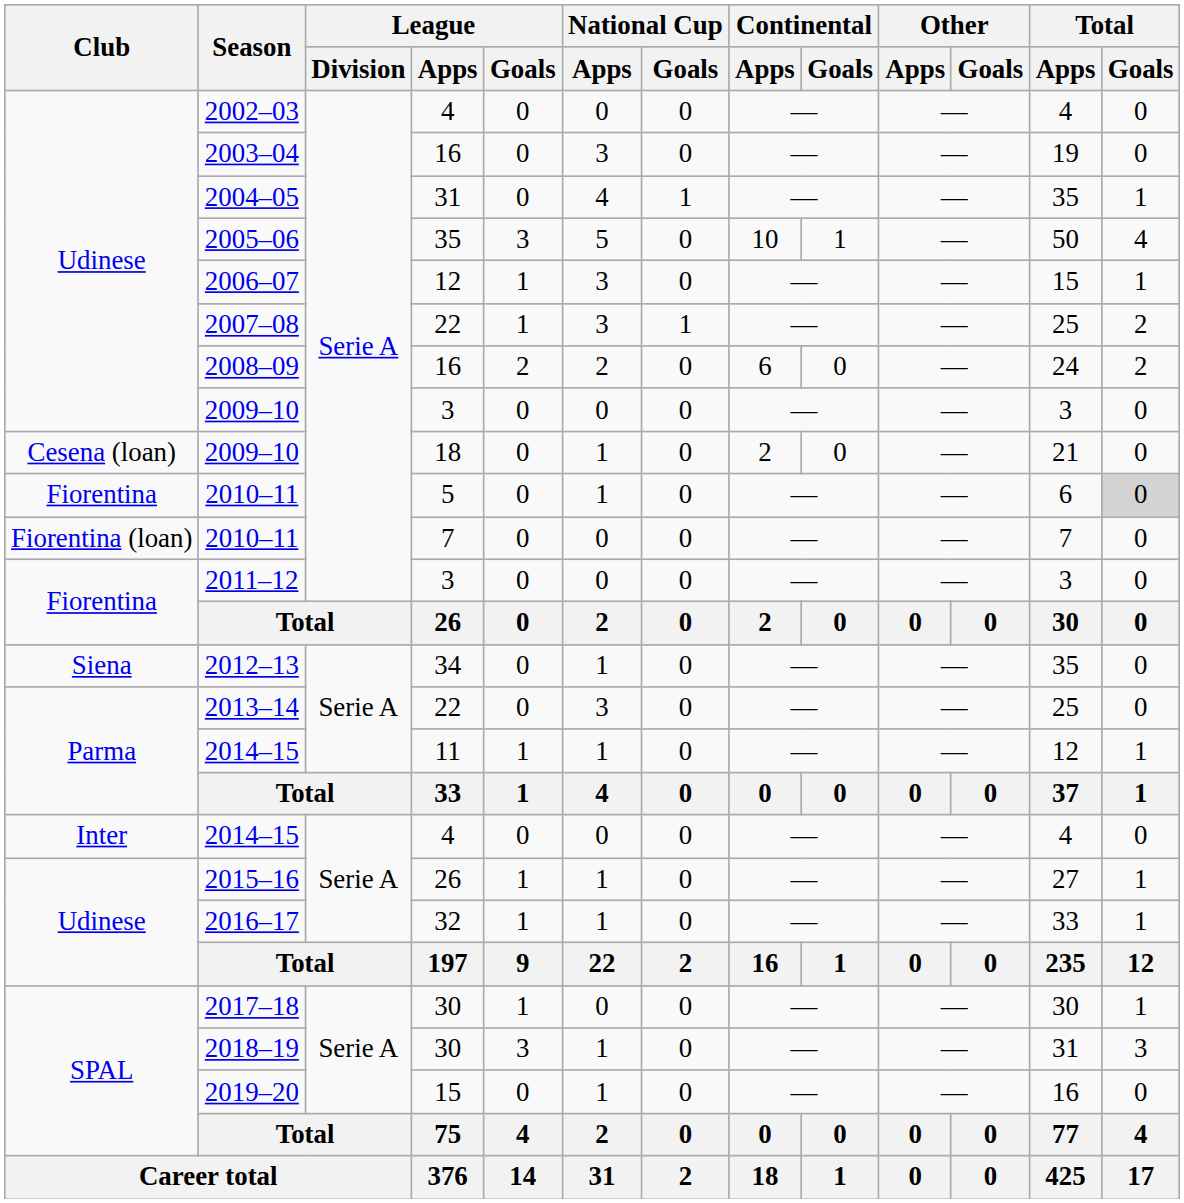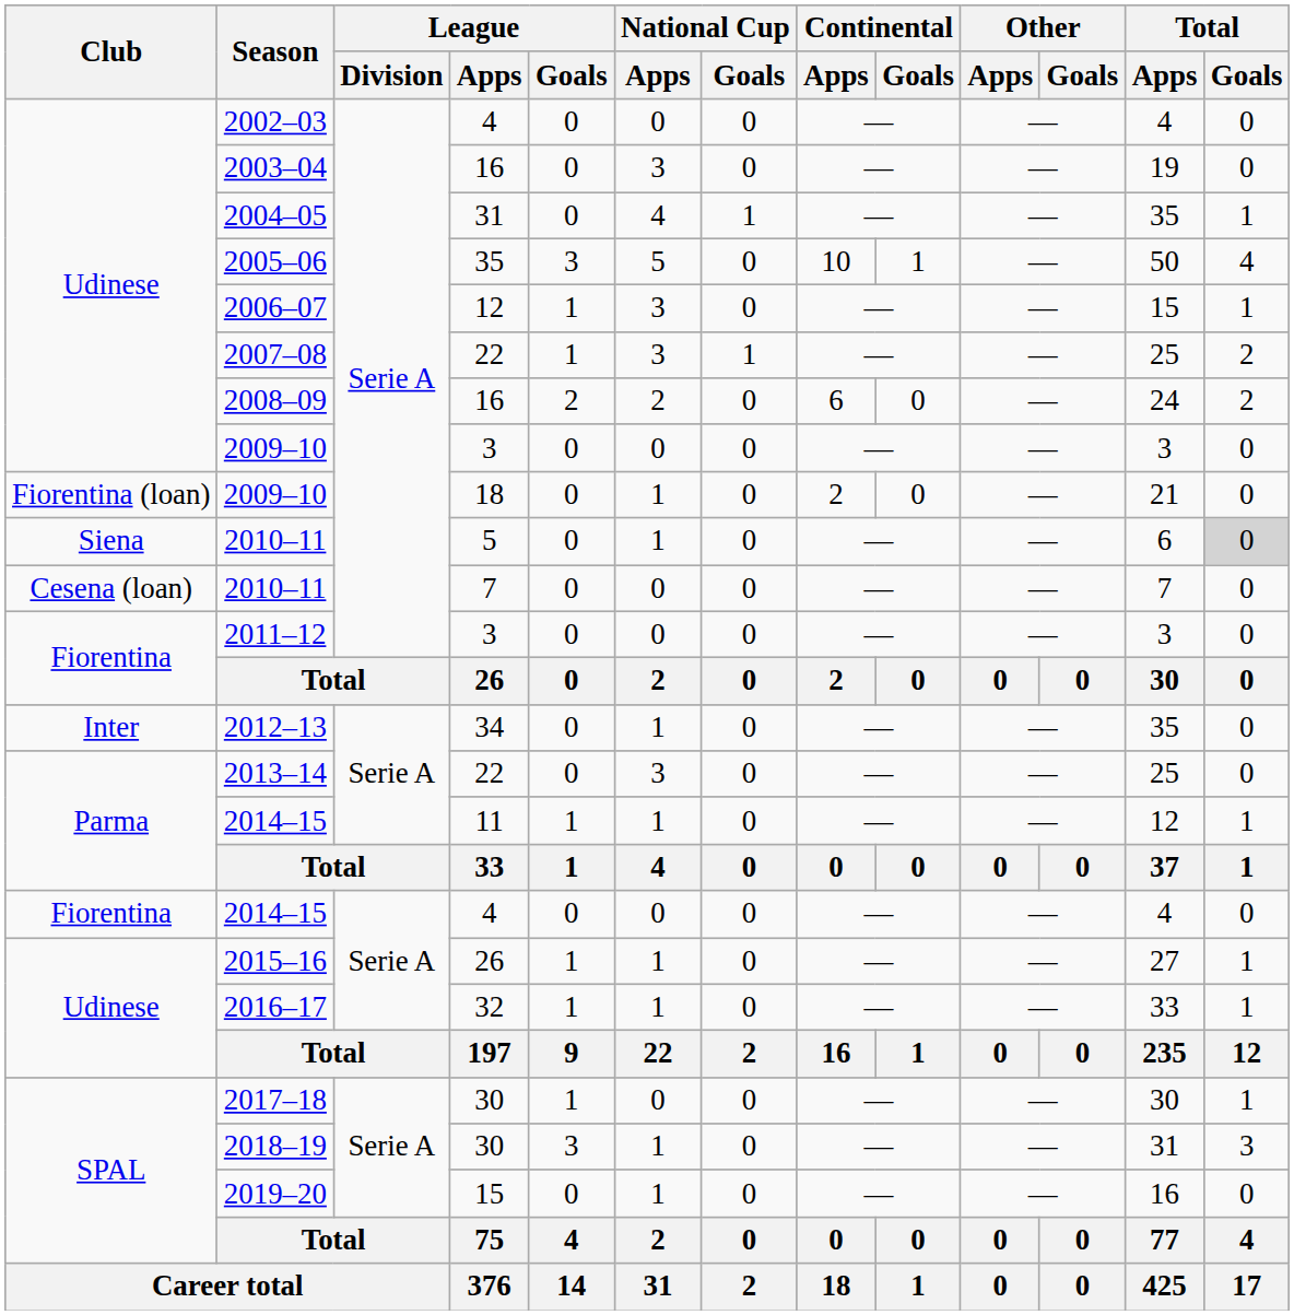 <table class="wikitable" style="text-align: center">
 <tr>
 <th rowspan="2">Club</th>
 <th rowspan="2">Season</th>
 <th colspan="3">League</th>
 <th colspan="2">National Cup</th>
 <th colspan="2">Continental</th>
 <th colspan="2">Other</th>
 <th colspan="2">Total</th>
 </tr>
 <tr>
 <th>Division</th>
 <th>Apps</th>
 <th>Goals</th>
 <th>Apps</th>
 <th>Goals</th>
 <th>Apps</th>
 <th>Goals</th>
 <th>Apps</th>
 <th>Goals</th>
 <th>Apps</th>
 <th>Goals</th>
 </tr>
 <tr>
 <td rowspan="8"><a href='#'>Udinese</a></td>
 <td><a href='#'>2002–03</a></td>
 <td rowspan="12"><a href='#'>Serie A</a></td>
 <td>4</td>
 <td>0</td>
 <td>0</td>
 <td>0</td>
 <td colspan="2“">—</td>
 <td colspan="2“">—</td>
 <td>4</td>
 <td>0</td>
 </tr>
 <tr>
 <td><a href='#'>2003–04</a></td>
 <td>16</td>
 <td>0</td>
 <td>3</td>
 <td>0</td>
 <td colspan="2“">—</td>
 <td colspan="2“">—</td>
 <td>19</td>
 <td>0</td>
 </tr>
 <tr>
 <td><a href='#'>2004–05</a></td>
 <td>31</td>
 <td>0</td>
 <td>4</td>
 <td>1</td>
 <td colspan="2“">—</td>
 <td colspan="2“">—</td>
 <td>35</td>
 <td>1</td>
 </tr>
 <tr>
 <td><a href='#'>2005–06</a></td>
 <td>35</td>
 <td>3</td>
 <td>5</td>
 <td>0</td>
 <td>10</td>
 <td>1</td>
 <td colspan="2“">—</td>
 <td>50</td>
 <td>4</td>
 </tr>
 <tr>
 <td><a href='#'>2006–07</a></td>
 <td>12</td>
 <td>1</td>
 <td>3</td>
 <td>0</td>
 <td colspan="2“">—</td>
 <td colspan="2“">—</td>
 <td>15</td>
 <td>1</td>
 </tr>
 <tr>
 <td><a href='#'>2007–08</a></td>
 <td>22</td>
 <td>1</td>
 <td>3</td>
 <td>1</td>
 <td colspan="2“">—</td>
 <td colspan="2“">—</td>
 <td>25</td>
 <td>2</td>
 </tr>
 <tr>
 <td><a href='#'>2008–09</a></td>
 <td>16</td>
 <td>2</td>
 <td>2</td>
 <td>0</td>
 <td>6</td>
 <td>0</td>
 <td colspan="2“">—</td>
 <td>24</td>
 <td>2</td>
 </tr>
 <tr>
 <td><a href='#'>2009–10</a></td>
 <td>3</td>
 <td>0</td>
 <td>0</td>
 <td>0</td>
 <td colspan="2“">—</td>
 <td colspan="2“">—</td>
 <td>3</td>
 <td>0</td>
 </tr>
 <tr>
-<td><a href='#'>Cesena</a> (loan)</td>
+<td><a href='#'>Fiorentina</a> (loan)</td>
 <td><a href='#'>2009–10</a></td>
 <td>18</td>
 <td>0</td>
 <td>1</td>
 <td>0</td>
 <td>2</td>
 <td>0</td>
 <td colspan="2“">—</td>
 <td>21</td>
 <td>0</td>
 </tr>
 <tr>
-<td><a href='#'>Fiorentina</a></td>
+<td><a href='#'>Siena</a></td>
 <td><a href='#'>2010–11</a></td>
 <td>5</td>
 <td>0</td>
 <td>1</td>
 <td>0</td>
 <td colspan="2“">—</td>
 <td colspan="2“">—</td>
 <td>6</td>
 <td style="background: lightgrey;">0</td>
 </tr>
 <tr>
-<td><a href='#'>Fiorentina</a> (loan)</td>
+<td><a href='#'>Cesena</a> (loan)</td>
 <td><a href='#'>2010–11</a></td>
 <td>7</td>
 <td>0</td>
 <td>0</td>
 <td>0</td>
 <td colspan="2“">—</td>
 <td colspan="2“">—</td>
 <td>7</td>
 <td>0</td>
 </tr>
 <tr>
 <td rowspan="2"><a href='#'>Fiorentina</a></td>
 <td><a href='#'>2011–12</a></td>
 <td>3</td>
 <td>0</td>
 <td>0</td>
 <td>0</td>
 <td colspan="2“">—</td>
 <td colspan="2“">—</td>
 <td>3</td>
 <td>0</td>
 </tr>
 <tr>
 <th colspan="2">Total</th>
 <th>26</th>
 <th>0</th>
 <th>2</th>
 <th>0</th>
 <th>2</th>
 <th>0</th>
 <th>0</th>
 <th>0</th>
 <th>30</th>
 <th>0</th>
 </tr>
 <tr>
-<td><a href='#'>Siena</a></td>
+<td><a href='#'>Inter</a></td>
 <td><a href='#'>2012–13</a></td>
 <td rowspan="3">Serie A</td>
 <td>34</td>
 <td>0</td>
 <td>1</td>
 <td>0</td>
 <td colspan="2“">—</td>
 <td colspan="2“">—</td>
 <td>35</td>
 <td>0</td>
 </tr>
 <tr>
 <td rowspan="3"><a href='#'>Parma</a></td>
 <td><a href='#'>2013–14</a></td>
 <td>22</td>
 <td>0</td>
 <td>3</td>
 <td>0</td>
 <td colspan="2“">—</td>
 <td colspan="2“">—</td>
 <td>25</td>
 <td>0</td>
 </tr>
 <tr>
 <td><a href='#'>2014–15</a></td>
 <td>11</td>
 <td>1</td>
 <td>1</td>
 <td>0</td>
 <td colspan="2“">—</td>
 <td colspan="2“">—</td>
 <td>12</td>
 <td>1</td>
 </tr>
 <tr>
 <th colspan="2">Total</th>
 <th>33</th>
 <th>1</th>
 <th>4</th>
 <th>0</th>
 <th>0</th>
 <th>0</th>
 <th>0</th>
 <th>0</th>
 <th>37</th>
 <th>1</th>
 </tr>
 <tr>
-<td><a href='#'>Inter</a></td>
+<td><a href='#'>Fiorentina</a></td>
 <td><a href='#'>2014–15</a></td>
 <td rowspan="3">Serie A</td>
 <td>4</td>
 <td>0</td>
 <td>0</td>
 <td>0</td>
 <td colspan="2“">—</td>
 <td colspan="2“">—</td>
 <td>4</td>
 <td>0</td>
 </tr>
 <tr>
 <td rowspan="3"><a href='#'>Udinese</a></td>
 <td><a href='#'>2015–16</a></td>
 <td>26</td>
 <td>1</td>
 <td>1</td>
 <td>0</td>
 <td colspan="2“">—</td>
 <td colspan="2“">—</td>
 <td>27</td>
 <td>1</td>
 </tr>
 <tr>
 <td><a href='#'>2016–17</a></td>
 <td>32</td>
 <td>1</td>
 <td>1</td>
 <td>0</td>
 <td colspan="2“">—</td>
 <td colspan="2“">—</td>
 <td>33</td>
 <td>1</td>
 </tr>
 <tr>
 <th colspan="2">Total</th>
 <th>197</th>
 <th>9</th>
 <th>22</th>
 <th>2</th>
 <th>16</th>
 <th>1</th>
 <th>0</th>
 <th>0</th>
 <th>235</th>
 <th>12</th>
 </tr>
 <tr>
 <td rowspan="4"><a href='#'>SPAL</a></td>
 <td><a href='#'>2017–18</a></td>
 <td rowspan="3">Serie A</td>
 <td>30</td>
 <td>1</td>
 <td>0</td>
 <td>0</td>
 <td colspan="2“">—</td>
 <td colspan="2“">—</td>
 <td>30</td>
 <td>1</td>
 </tr>
 <tr>
 <td><a href='#'>2018–19</a></td>
 <td>30</td>
 <td>3</td>
 <td>1</td>
 <td>0</td>
 <td colspan="2“">—</td>
 <td colspan="2“">—</td>
 <td>31</td>
 <td>3</td>
 </tr>
 <tr>
 <td><a href='#'>2019–20</a></td>
 <td>15</td>
 <td>0</td>
 <td>1</td>
 <td>0</td>
 <td colspan="2“">—</td>
 <td colspan="2“">—</td>
 <td>16</td>
 <td>0</td>
 </tr>
 <tr>
 <th colspan="2">Total</th>
 <th>75</th>
 <th>4</th>
 <th>2</th>
 <th>0</th>
 <th>0</th>
 <th>0</th>
 <th>0</th>
 <th>0</th>
 <th>77</th>
 <th>4</th>
 </tr>
 <tr>
 <th colspan="3">Career total</th>
 <th>376</th>
 <th>14</th>
 <th>31</th>
 <th>2</th>
 <th>18</th>
 <th>1</th>
 <th>0</th>
 <th>0</th>
 <th>425</th>
 <th>17</th>
 </tr>
 </table>
